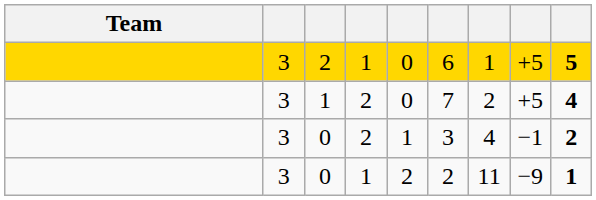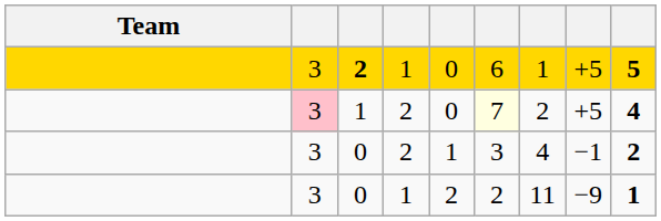 <table class="wikitable" style="text-align:center">
 <tr>
 <th width=165>Team</th>
 <th width=20></th>
 <th width=20></th>
 <th width=20></th>
 <th width=20></th>
 <th width=20></th>
 <th width=20></th>
 <th width=20></th>
 <th width=20></th>
 </tr>
 <tr bgcolor=gold>
 <td align=left></td>
 <td>3</td>
-<td>2</td>
+<td><strong>2</strong></td>
 <td>1</td>
 <td>0</td>
 <td>6</td>
 <td>1</td>
 <td>+5</td>
 <td><strong>5</strong></td>
 </tr>
 <tr>
 <td align=left></td>
-<td>3</td>
+<td style="background: pink;">3</td>
 <td>1</td>
 <td>2</td>
 <td>0</td>
-<td>7</td>
+<td style="background: lightyellow;">7</td>
 <td>2</td>
 <td>+5</td>
 <td><strong>4</strong></td>
 </tr>
 <tr>
 <td align=left></td>
 <td>3</td>
 <td>0</td>
 <td>2</td>
 <td>1</td>
 <td>3</td>
 <td>4</td>
 <td>−1</td>
 <td><strong>2</strong></td>
 </tr>
 <tr>
 <td align=left></td>
 <td>3</td>
 <td>0</td>
 <td>1</td>
 <td>2</td>
 <td>2</td>
 <td>11</td>
 <td>−9</td>
 <td><strong>1</strong></td>
 </tr>
 </table>
